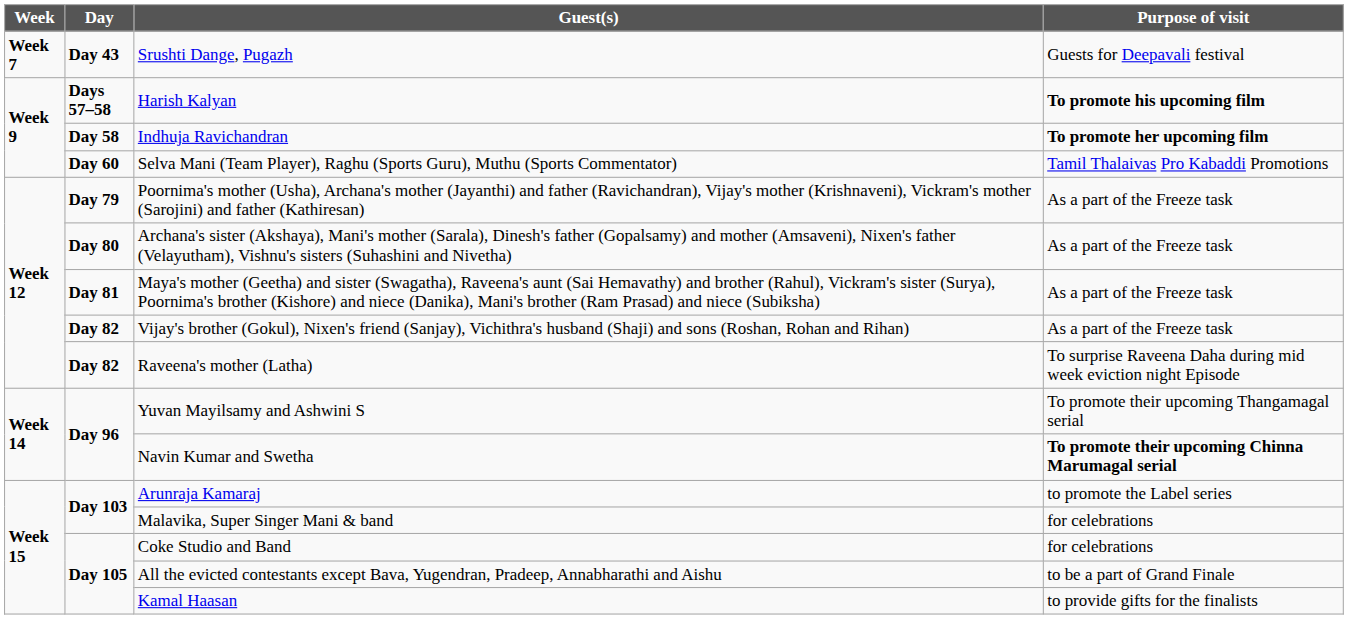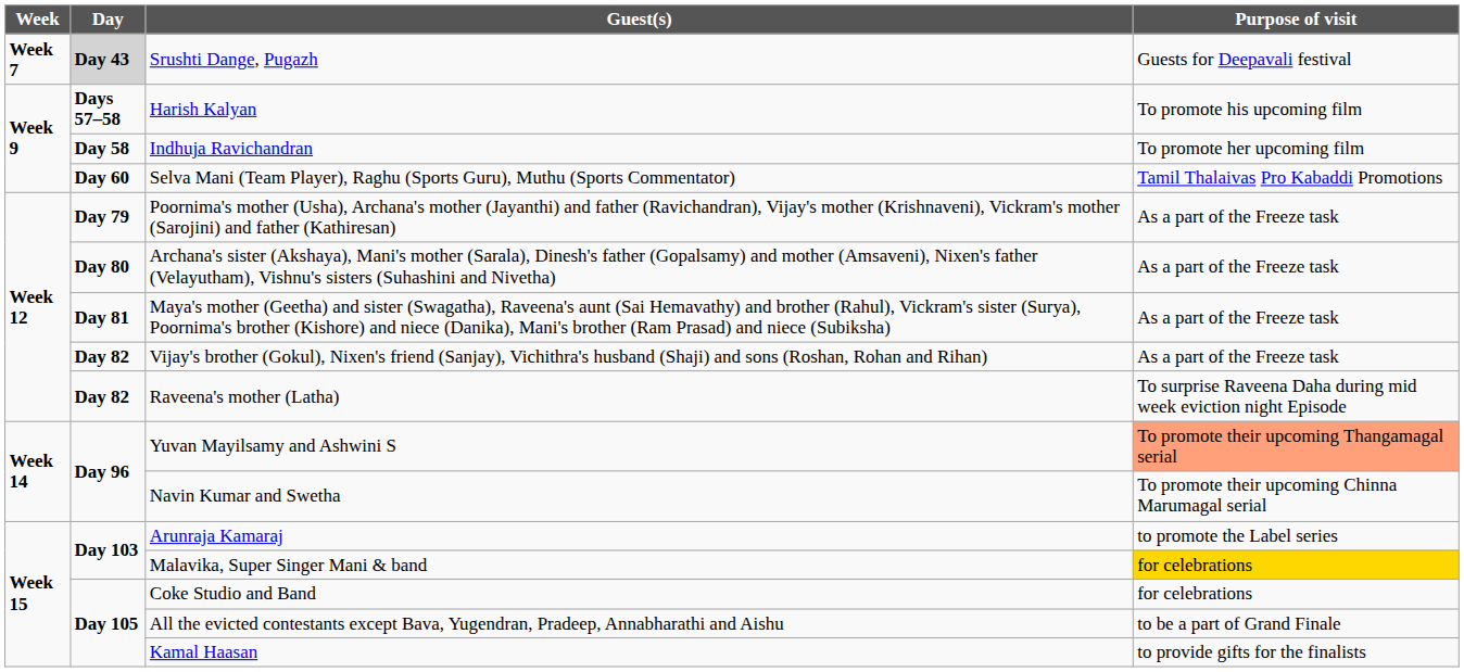 <table class="wikitable" style="width:100%;">
 <tr>
 <th style="background:#555555; color:white;">Week</th>
 <th style="background:#555555; color:white;">Day</th>
 <th style="background:#555555; color:white;">Guest(s)</th>
 <th style="background:#555555; color:white;">Purpose of visit</th>
 </tr>
 <tr>
 <td><strong>Week 7</strong></td>
-<td><strong>Day 43</strong></td>
+<td style="background: lightgrey;"><strong>Day 43</strong></td>
 <td><a href='#'>Srushti Dange</a>, <a href='#'>Pugazh</a></td>
 <td>Guests for <a href='#'>Deepavali</a> festival</td>
 </tr>
 <tr>
 <td rowspan="3"><strong>Week 9</strong></td>
 <td><strong>Days 57–58</strong></td>
 <td><a href='#'>Harish Kalyan</a></td>
-<td><strong>To promote his upcoming film</strong></td>
+<td>To promote his upcoming film</td>
 </tr>
 <tr>
 <td><strong>Day 58</strong></td>
 <td><a href='#'>Indhuja Ravichandran</a></td>
-<td><strong>To promote her upcoming film</strong></td>
+<td>To promote her upcoming film</td>
 </tr>
 <tr>
 <td><strong>Day 60</strong></td>
 <td>Selva Mani (Team Player), Raghu (Sports Guru), Muthu (Sports Commentator)</td>
 <td><a href='#'>Tamil Thalaivas</a> <a href='#'>Pro Kabaddi</a> Promotions</td>
 </tr>
 <tr>
 <td rowspan="5"><strong>Week 12</strong></td>
 <td><strong>Day 79</strong></td>
 <td>Poornima's mother (Usha), Archana's mother (Jayanthi) and father (Ravichandran), Vijay's mother (Krishnaveni), Vickram's mother (Sarojini) and father (Kathiresan)</td>
 <td>As a part of the Freeze task</td>
 </tr>
 <tr>
 <td><strong>Day 80</strong></td>
 <td>Archana's sister (Akshaya), Mani's mother (Sarala), Dinesh's father (Gopalsamy) and mother (Amsaveni), Nixen's father (Velayutham), Vishnu's sisters (Suhashini and Nivetha)</td>
 <td>As a part of the Freeze task</td>
 </tr>
 <tr>
 <td><strong>Day 81</strong></td>
 <td>Maya's mother (Geetha) and sister (Swagatha), Raveena's aunt (Sai Hemavathy) and brother (Rahul), Vickram's sister (Surya), Poornima's brother (Kishore) and niece (Danika), Mani's brother (Ram Prasad) and niece (Subiksha)</td>
 <td>As a part of the Freeze task</td>
 </tr>
 <tr>
 <td><strong>Day 82</strong></td>
 <td>Vijay's brother (Gokul), Nixen's friend (Sanjay), Vichithra's husband (Shaji) and sons (Roshan, Rohan and Rihan)</td>
 <td>As a part of the Freeze task</td>
 </tr>
 <tr>
 <td><strong>Day 82</strong></td>
 <td>Raveena's mother (Latha)</td>
 <td>To surprise Raveena Daha during mid week eviction night Episode</td>
 </tr>
 <tr>
 <td rowspan="2"><strong>Week 14</strong></td>
 <td rowspan="2"><strong>Day 96</strong></td>
 <td>Yuvan Mayilsamy and Ashwini S</td>
-<td>To promote their upcoming Thangamagal serial</td>
+<td style="background: lightsalmon;">To promote their upcoming Thangamagal serial</td>
 </tr>
 <tr>
 <td>Navin Kumar and Swetha</td>
-<td><strong>To promote their upcoming Chinna Marumagal serial</strong></td>
+<td>To promote their upcoming Chinna Marumagal serial</td>
 </tr>
 <tr>
 <td rowspan="5"><strong>Week 15</strong></td>
 <td rowspan="2"><strong>Day 103</strong></td>
 <td><a href='#'>Arunraja Kamaraj</a></td>
 <td>to promote the Label series</td>
 </tr>
 <tr>
 <td>Malavika, Super Singer Mani & band</td>
-<td>for celebrations</td>
+<td style="background: gold;">for celebrations</td>
 </tr>
 <tr>
 <td rowspan="3"><strong>Day 105</strong></td>
 <td>Coke Studio and Band</td>
 <td>for celebrations</td>
 </tr>
 <tr>
 <td>All the evicted contestants except Bava, Yugendran, Pradeep, Annabharathi and Aishu</td>
 <td>to be a part of Grand Finale</td>
 </tr>
 <tr>
 <td><a href='#'>Kamal Haasan</a></td>
 <td>to provide gifts for the finalists</td>
 </tr>
 </table>
